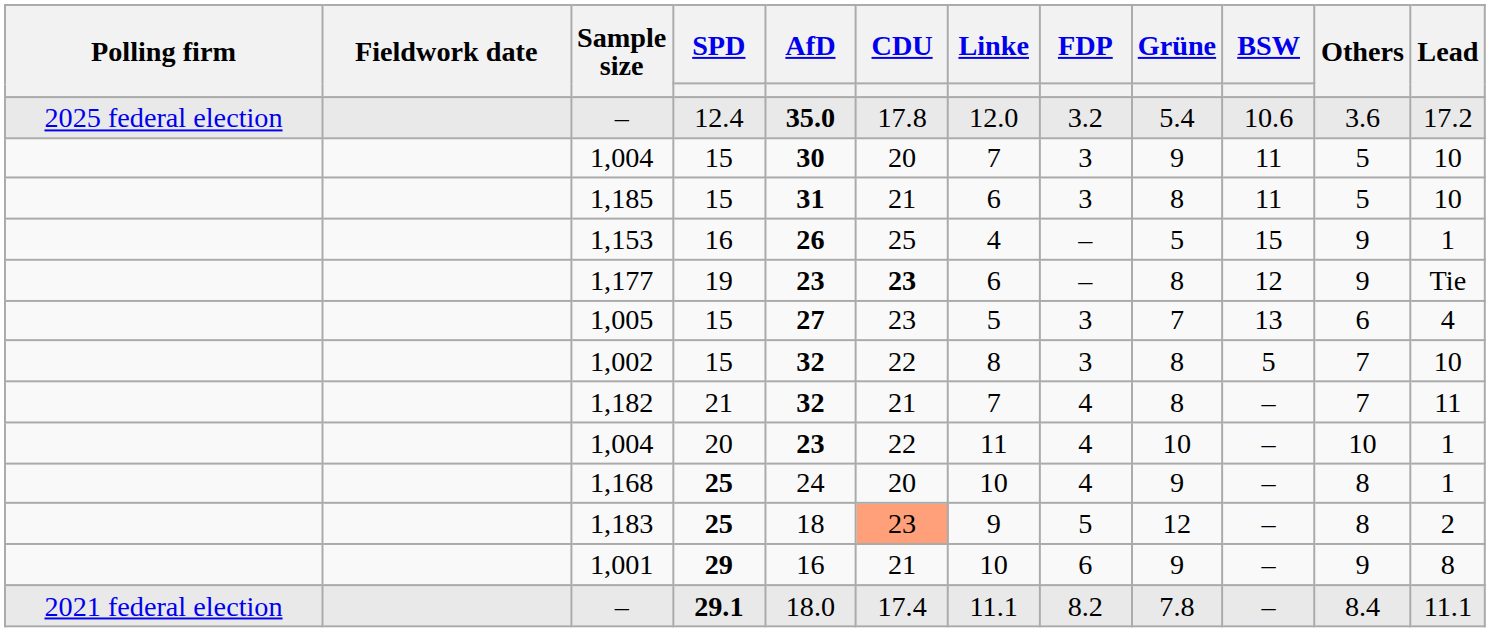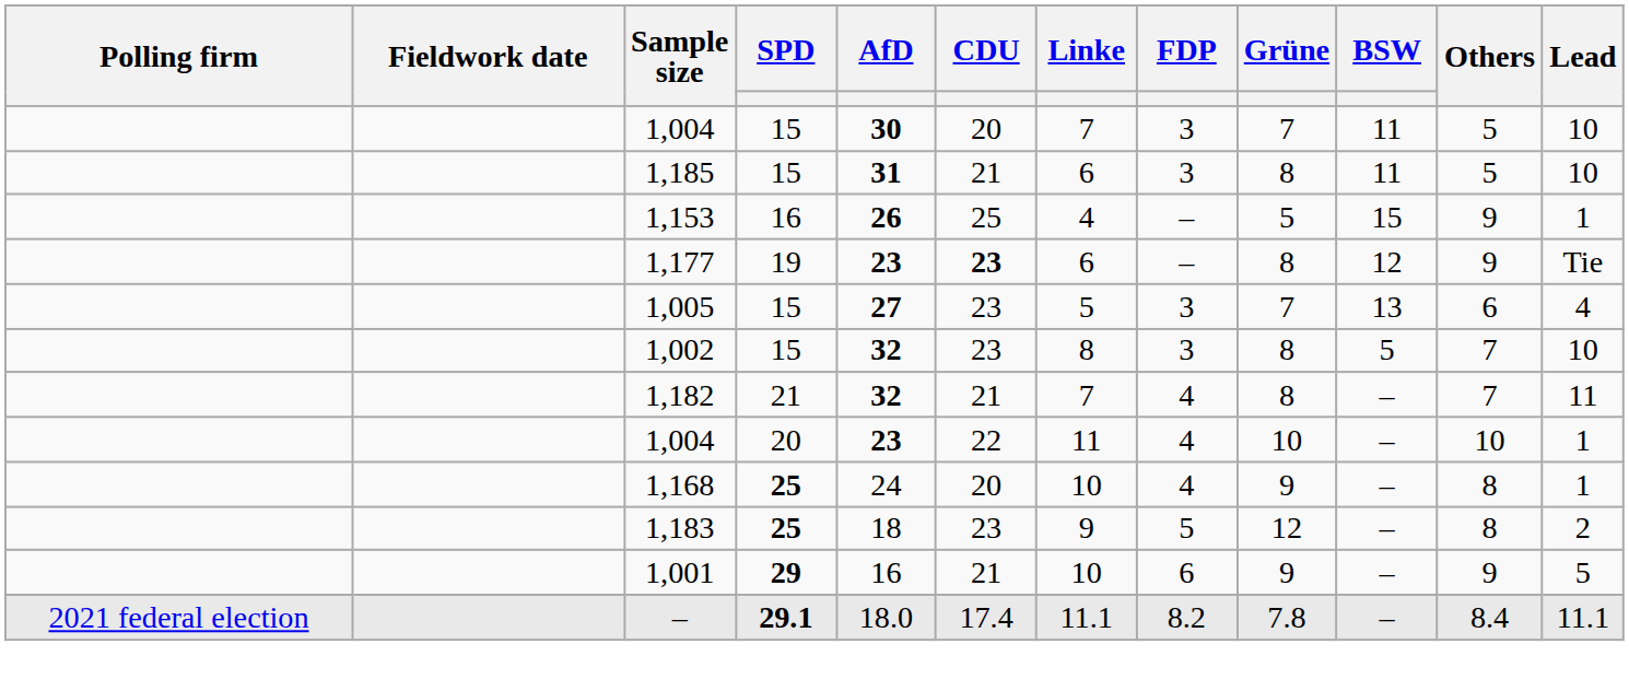 <table class="wikitable sortable mw-datatable mw-collapsible" style="text-align:center;font-size:90%;line-height:14px;">
 <tr style="height:40px;">
 <th style="width:155px;" rowspan="2">Polling firm</th>
 <th style="width:120px;" rowspan="2">Fieldwork date</th>
 <th style="width: 35px;" rowspan="2">Sample<br>size</th>
 <th class="unsortable" style="width:40px;"><a href='#'>SPD</a></th>
 <th class="unsortable" style="width:40px;"><a href='#'>AfD</a></th>
 <th class="unsortable" style="width:40px;"><a href='#'>CDU</a></th>
 <th class="unsortable" style="width:40px;"><a href='#'>Linke</a></th>
 <th class="unsortable" style="width:40px;"><a href='#'>FDP</a></th>
 <th class="unsortable" style="width:40px;"><a href='#'>Grüne</a></th>
 <th class="unsortable" style="width:40px;"><a href='#'>BSW</a></th>
 <th rowspan="2" class="unsortable" style="width:30px;">Others</th>
 <th style="width:30px;" rowspan="2">Lead</th>
 </tr>
 <tr>
 <th style="background:"></th>
 <th style="background:"></th>
 <th style="background:"></th>
 <th style="background:"></th>
 <th style="background:"></th>
 <th style="background:"></th>
 <th style="background:"></th>
 </tr>
-<tr style="background:#E9E9E9;">
-<td><a href='#'>2025 federal election</a></td>
-<td></td>
-<td>–</td>
-<td>12.4</td>
-<td><strong>35.0</strong></td>
-<td>17.8</td>
-<td>12.0</td>
-<td>3.2</td>
-<td>5.4</td>
-<td>10.6</td>
-<td>3.6</td>
-<td style="background:">17.2</td>
-</tr>
 <tr>
 <td></td>
 <td></td>
 <td>1,004</td>
 <td>15</td>
 <td><strong>30</strong></td>
 <td>20</td>
 <td>7</td>
 <td>3</td>
-<td>9</td>
+<td>7</td>
 <td>11</td>
 <td>5</td>
 <td style="background:">10</td>
 </tr>
 <tr>
 <td></td>
 <td></td>
 <td>1,185</td>
 <td>15</td>
 <td><strong>31</strong></td>
 <td>21</td>
 <td>6</td>
 <td>3</td>
 <td>8</td>
 <td>11</td>
 <td>5</td>
 <td style="background:">10</td>
 </tr>
 <tr>
 <td></td>
 <td></td>
 <td>1,153</td>
 <td>16</td>
 <td><strong>26</strong></td>
 <td>25</td>
 <td>4</td>
 <td>–</td>
 <td>5</td>
 <td>15</td>
 <td>9</td>
 <td style="background:">1</td>
 </tr>
 <tr>
 <td></td>
 <td></td>
 <td>1,177</td>
 <td>19</td>
 <td><strong>23</strong></td>
 <td><strong>23</strong></td>
 <td>6</td>
 <td>–</td>
 <td>8</td>
 <td>12</td>
 <td>9</td>
 <td>Tie</td>
 </tr>
 <tr>
 <td></td>
 <td></td>
 <td>1,005</td>
 <td>15</td>
 <td><strong>27</strong></td>
 <td>23</td>
 <td>5</td>
 <td>3</td>
 <td>7</td>
 <td>13</td>
 <td>6</td>
 <td style="background:">4</td>
 </tr>
 <tr>
 <td></td>
 <td></td>
 <td>1,002</td>
 <td>15</td>
 <td><strong>32</strong></td>
-<td>22</td>
+<td>23</td>
 <td>8</td>
 <td>3</td>
 <td>8</td>
 <td>5</td>
 <td>7</td>
 <td style="background:">10</td>
 </tr>
 <tr>
 <td></td>
 <td></td>
 <td>1,182</td>
 <td>21</td>
 <td><strong>32</strong></td>
 <td>21</td>
 <td>7</td>
 <td>4</td>
 <td>8</td>
 <td>–</td>
 <td>7</td>
 <td style="background:">11</td>
 </tr>
 <tr>
 <td></td>
 <td></td>
 <td>1,004</td>
 <td>20</td>
 <td><strong>23</strong></td>
 <td>22</td>
 <td>11</td>
 <td>4</td>
 <td>10</td>
 <td>–</td>
 <td>10</td>
 <td style="background:">1</td>
 </tr>
 <tr>
 <td></td>
 <td></td>
 <td>1,168</td>
 <td><strong>25</strong></td>
 <td>24</td>
 <td>20</td>
 <td>10</td>
 <td>4</td>
 <td>9</td>
 <td>–</td>
 <td>8</td>
 <td style="background:">1</td>
 </tr>
 <tr>
 <td></td>
 <td></td>
 <td>1,183</td>
 <td><strong>25</strong></td>
 <td>18</td>
-<td style="background: lightsalmon;">23</td>
+<td>23</td>
 <td>9</td>
 <td>5</td>
 <td>12</td>
 <td>–</td>
 <td>8</td>
 <td style="background:">2</td>
 </tr>
 <tr>
 <td></td>
 <td></td>
 <td>1,001</td>
 <td><strong>29</strong></td>
 <td>16</td>
 <td>21</td>
 <td>10</td>
 <td>6</td>
 <td>9</td>
 <td>–</td>
 <td>9</td>
-<td style="background:">8</td>
+<td style="background:">5</td>
 </tr>
 <tr style="background:#E9E9E9;">
 <td><a href='#'>2021 federal election</a></td>
 <td></td>
 <td>–</td>
 <td><strong>29.1</strong></td>
 <td>18.0</td>
 <td>17.4</td>
 <td>11.1</td>
 <td>8.2</td>
 <td>7.8</td>
 <td>–</td>
 <td>8.4</td>
 <td style="background:">11.1</td>
 </tr>
 </table>
